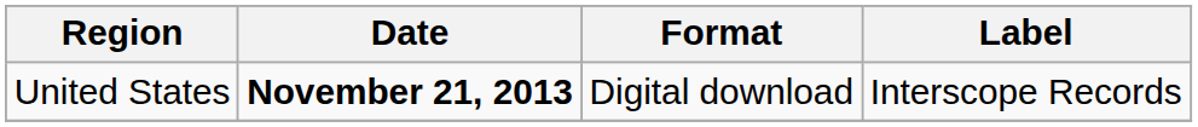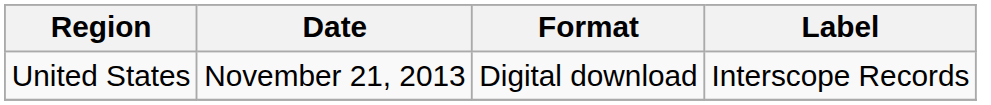 <table class=wikitable>
 <tr>
 <th>Region</th>
 <th>Date</th>
 <th>Format</th>
 <th>Label</th>
 </tr>
 <tr>
 <td>United States</td>
-<td><strong>November 21, 2013</strong></td>
+<td>November 21, 2013</td>
 <td>Digital download</td>
 <td>Interscope Records</td>
 </tr>
 <tr>
 </tr>
 </table>
